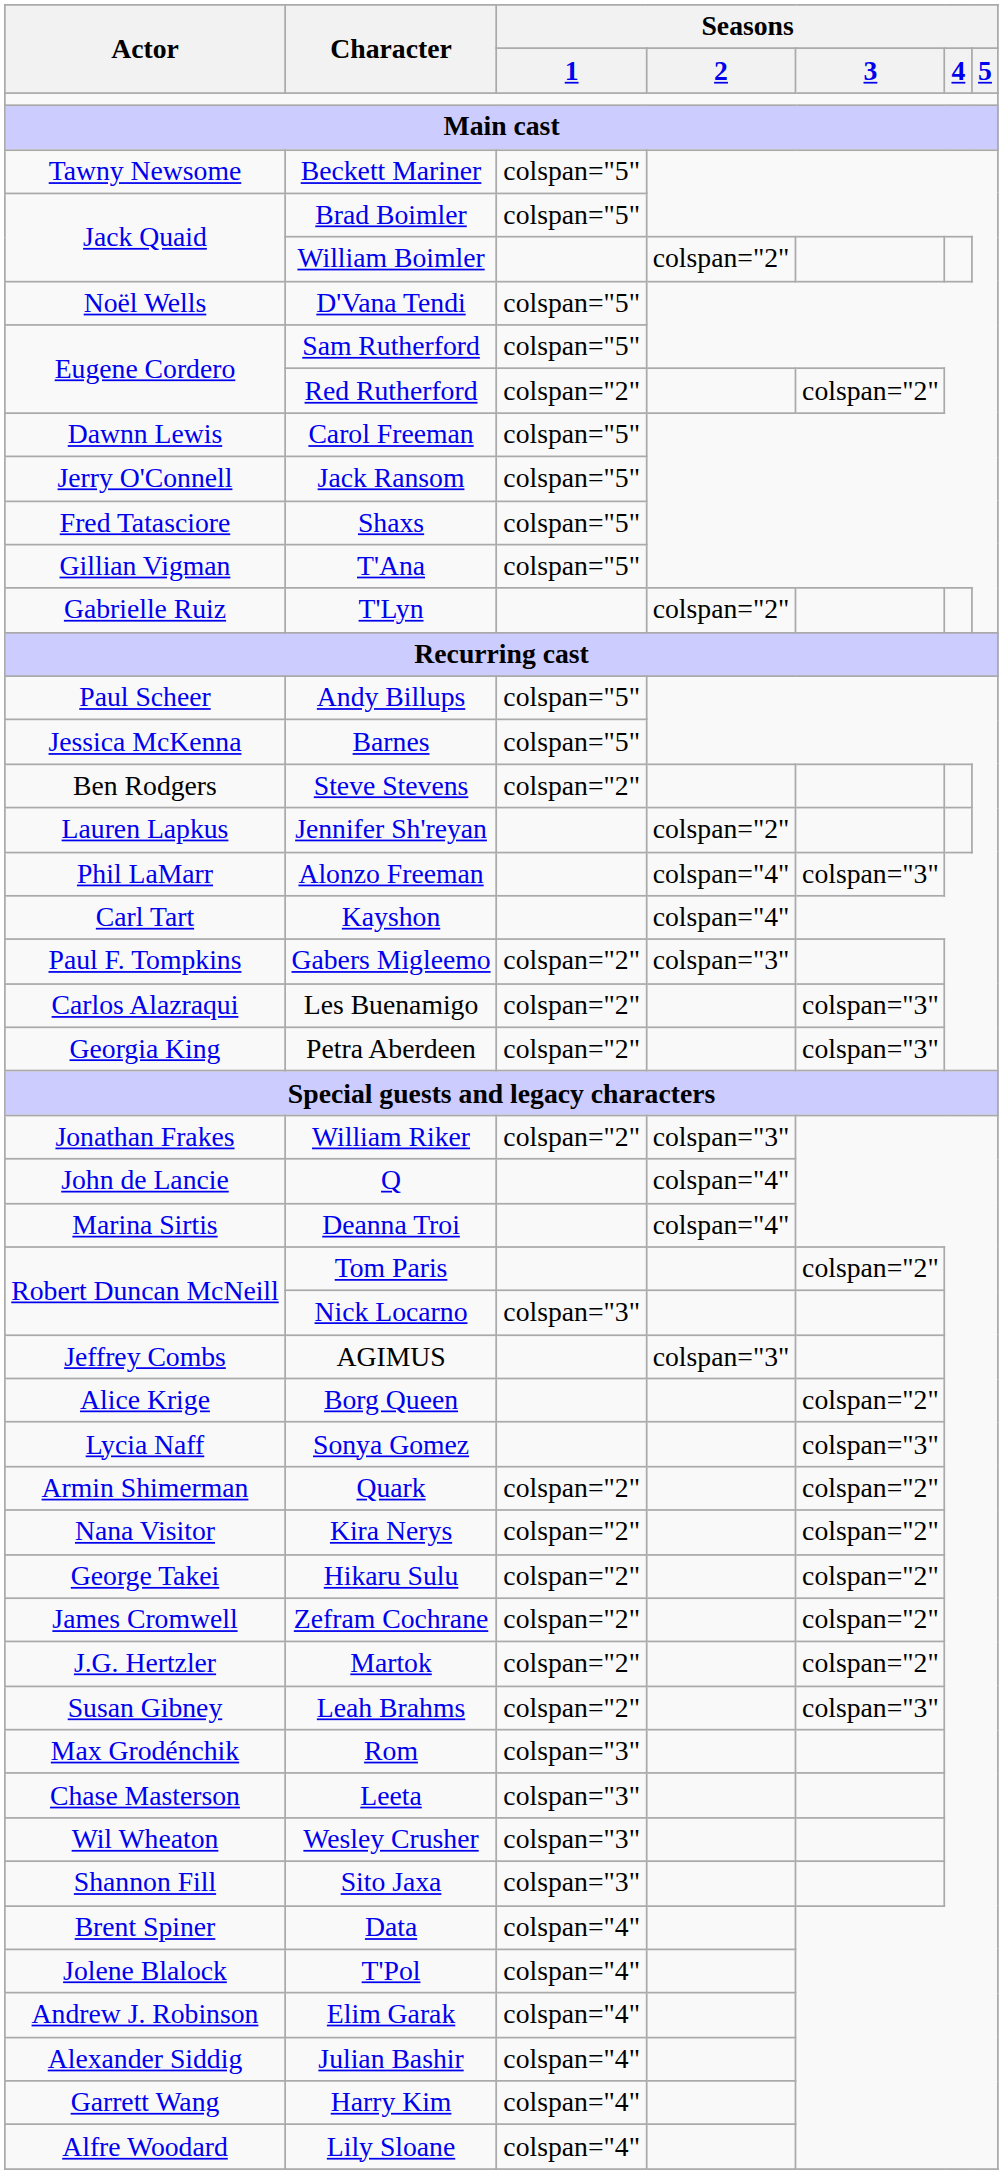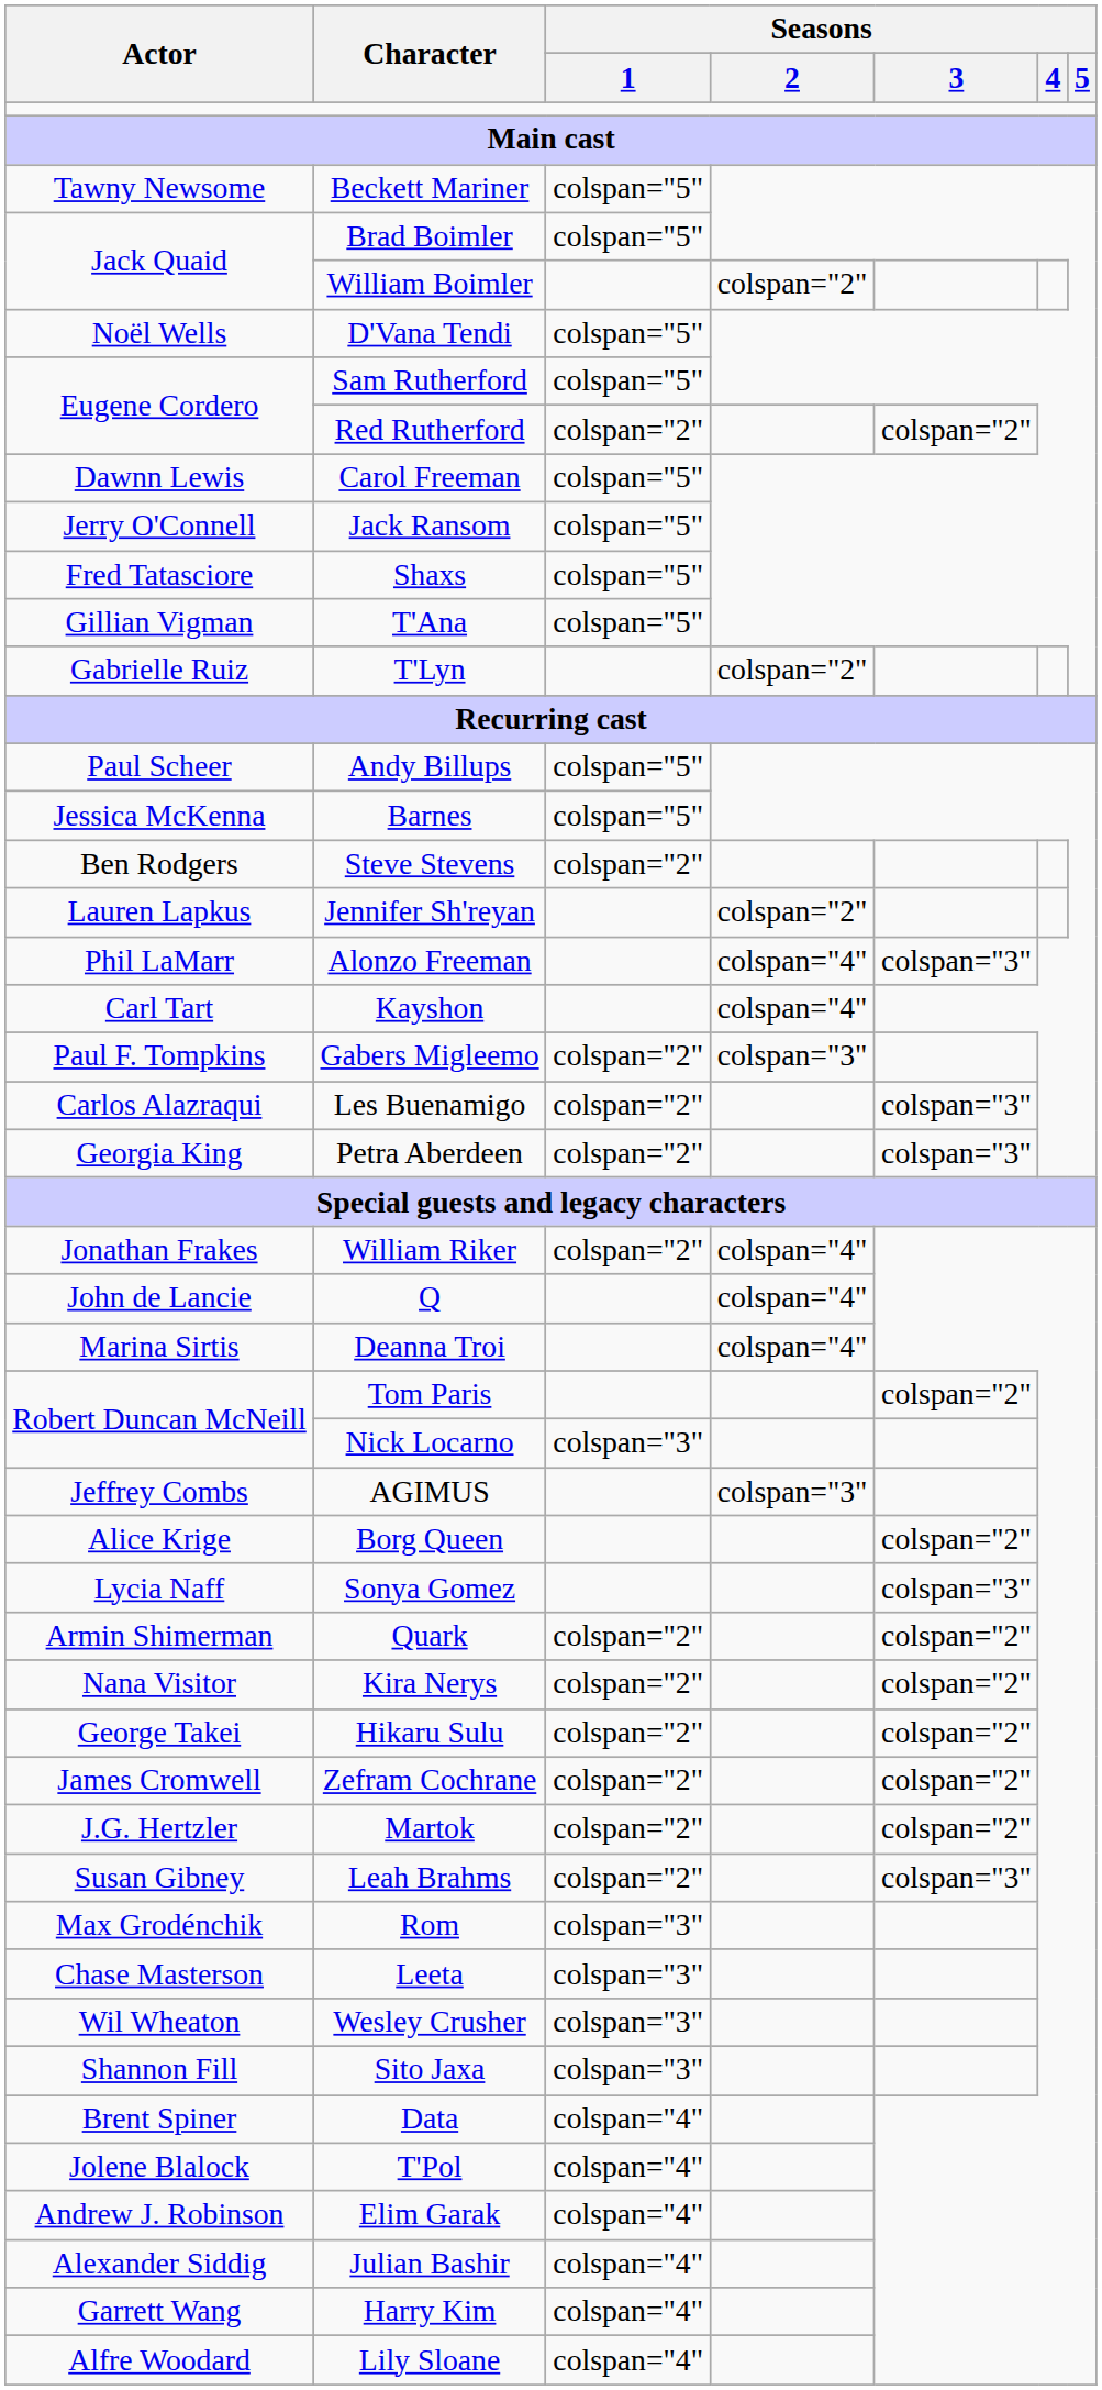 <table class="wikitable sortable sticky-header-multi" style="text-align:center;">
 <tr>
 <th scope="col" rowspan="2" class="unsortable">Actor</th>
 <th scope="col" rowspan="2" class="unsortable">Character</th>
 <th scope="col" colspan="5" class="unsortable">Seasons</th>
 </tr>
 <tr>
 <th scope="col" class="unsortable"><a href='#'>1</a></th>
 <th scope="col" class="unsortable"><a href='#'>2</a></th>
 <th scope="col" class="unsortable"><a href='#'>3</a></th>
 <th scope="col" class="unsortable"><a href='#'>4</a></th>
 <th scope="col" class="unsortable"><a href='#'>5</a></th>
 </tr>
 <tr>
 <td colspan="7"></td>
 </tr>
 <tr>
 <th colspan="7" style="background-color:#ccccff;">Main cast</th>
 </tr>
 <tr>
 <td><a href='#'>Tawny Newsome</a></td>
 <td><a href='#'>Beckett Mariner</a></td>
 <td>colspan="5" </td>
 </tr>
 <tr>
 <td rowspan="2"><a href='#'>Jack Quaid</a></td>
 <td><a href='#'>Brad Boimler</a></td>
 <td>colspan="5" </td>
 </tr>
 <tr>
 <td><a href='#'>William Boimler</a></td>
 <td></td>
 <td>colspan="2" </td>
 <td></td>
 <td></td>
 </tr>
 <tr>
 <td><a href='#'>Noël Wells</a></td>
 <td><a href='#'>D'Vana Tendi</a></td>
 <td>colspan="5" </td>
 </tr>
 <tr>
 <td rowspan="2"><a href='#'>Eugene Cordero</a></td>
 <td><a href='#'>Sam Rutherford</a></td>
 <td>colspan="5" </td>
 </tr>
 <tr>
 <td><a href='#'>Red Rutherford</a></td>
 <td>colspan="2" </td>
 <td></td>
 <td>colspan="2"</td>
 </tr>
 <tr>
 <td><a href='#'>Dawnn Lewis</a></td>
 <td><a href='#'>Carol Freeman</a></td>
 <td>colspan="5" </td>
 </tr>
 <tr>
 <td><a href='#'>Jerry O'Connell</a></td>
 <td><a href='#'>Jack Ransom</a></td>
 <td>colspan="5" </td>
 </tr>
 <tr>
 <td><a href='#'>Fred Tatasciore</a></td>
 <td><a href='#'>Shaxs</a></td>
 <td>colspan="5" </td>
 </tr>
 <tr>
 <td><a href='#'>Gillian Vigman</a></td>
 <td><a href='#'>T'Ana</a></td>
 <td>colspan="5" </td>
 </tr>
 <tr>
 <td><a href='#'>Gabrielle Ruiz</a></td>
 <td><a href='#'>T'Lyn</a></td>
 <td></td>
 <td>colspan="2" </td>
 <td></td>
 <td></td>
 </tr>
 <tr>
 <th colspan="7" style="background-color:#ccccff;">Recurring cast</th>
 </tr>
 <tr>
 <td><a href='#'>Paul Scheer</a></td>
 <td><a href='#'>Andy Billups</a></td>
 <td>colspan="5" </td>
 </tr>
 <tr>
 <td><a href='#'>Jessica McKenna</a></td>
 <td><a href='#'>Barnes</a></td>
 <td>colspan="5" </td>
 </tr>
 <tr>
 <td>Ben Rodgers</td>
 <td><a href='#'>Steve Stevens</a></td>
 <td>colspan="2" </td>
 <td></td>
 <td></td>
 <td></td>
 </tr>
 <tr>
 <td><a href='#'>Lauren Lapkus</a></td>
 <td><a href='#'>Jennifer Sh'reyan</a></td>
 <td></td>
 <td>colspan="2" </td>
 <td></td>
 <td></td>
 </tr>
 <tr>
 <td><a href='#'>Phil LaMarr</a></td>
 <td><a href='#'>Alonzo Freeman</a></td>
 <td></td>
 <td>colspan="4" </td>
 <td>colspan="3" </td>
 </tr>
 <tr>
 <td><a href='#'>Carl Tart</a></td>
 <td><a href='#'>Kayshon</a></td>
 <td></td>
 <td>colspan="4" </td>
 </tr>
 <tr>
 <td><a href='#'>Paul F. Tompkins</a></td>
 <td><a href='#'>Gabers Migleemo</a></td>
 <td>colspan="2" </td>
 <td>colspan="3" </td>
 <td></td>
 </tr>
 <tr>
 <td><a href='#'>Carlos Alazraqui</a></td>
 <td>Les Buenamigo</td>
 <td>colspan="2" </td>
 <td></td>
 <td>colspan="3" </td>
 </tr>
 <tr>
 <td><a href='#'>Georgia King</a></td>
 <td>Petra Aberdeen</td>
 <td>colspan="2" </td>
 <td></td>
 <td>colspan="3" </td>
 </tr>
 <tr>
 <th colspan="7" style="background-color:#ccccff;">Special guests and legacy characters</th>
 </tr>
 <tr>
 <td><a href='#'>Jonathan Frakes</a></td>
 <td><a href='#'>William Riker</a></td>
 <td>colspan="2" </td>
-<td>colspan="3" </td>
+<td>colspan="4" </td>
 </tr>
 <tr>
 <td><a href='#'>John de Lancie</a></td>
 <td><a href='#'>Q</a></td>
 <td></td>
 <td>colspan="4" </td>
 </tr>
 <tr>
 <td><a href='#'>Marina Sirtis</a></td>
 <td><a href='#'>Deanna Troi</a></td>
 <td></td>
 <td>colspan="4" </td>
 </tr>
 <tr>
 <td rowspan="2"><a href='#'>Robert Duncan McNeill</a></td>
 <td><a href='#'>Tom Paris</a></td>
 <td></td>
 <td></td>
 <td>colspan="2" </td>
 </tr>
 <tr>
 <td><a href='#'>Nick Locarno</a></td>
 <td>colspan="3" </td>
 <td></td>
 <td></td>
 </tr>
 <tr>
 <td><a href='#'>Jeffrey Combs</a></td>
 <td>AGIMUS</td>
 <td></td>
 <td>colspan="3" </td>
 <td></td>
 </tr>
 <tr>
 <td><a href='#'>Alice Krige</a></td>
 <td><a href='#'>Borg Queen</a></td>
 <td></td>
 <td></td>
 <td>colspan="2" </td>
 </tr>
 <tr>
 <td><a href='#'>Lycia Naff</a></td>
 <td><a href='#'>Sonya Gomez</a></td>
 <td></td>
 <td></td>
 <td>colspan="3" </td>
 </tr>
 <tr>
 <td><a href='#'>Armin Shimerman</a></td>
 <td><a href='#'>Quark</a></td>
 <td>colspan="2" </td>
 <td></td>
 <td>colspan="2" </td>
 </tr>
 <tr>
 <td><a href='#'>Nana Visitor</a></td>
 <td><a href='#'>Kira Nerys</a></td>
 <td>colspan="2" </td>
 <td></td>
 <td>colspan="2" </td>
 </tr>
 <tr>
 <td><a href='#'>George Takei</a></td>
 <td><a href='#'>Hikaru Sulu</a></td>
 <td>colspan="2" </td>
 <td></td>
 <td>colspan="2" </td>
 </tr>
 <tr>
 <td><a href='#'>James Cromwell</a></td>
 <td><a href='#'>Zefram Cochrane</a></td>
 <td>colspan="2" </td>
 <td></td>
 <td>colspan="2" </td>
 </tr>
 <tr>
 <td><a href='#'>J.G. Hertzler</a></td>
 <td><a href='#'>Martok</a></td>
 <td>colspan="2" </td>
 <td></td>
 <td>colspan="2" </td>
 </tr>
 <tr>
 <td><a href='#'>Susan Gibney</a></td>
 <td><a href='#'>Leah Brahms</a></td>
 <td>colspan="2" </td>
 <td></td>
 <td>colspan="3" </td>
 </tr>
 <tr>
 <td><a href='#'>Max Grodénchik</a></td>
 <td><a href='#'>Rom</a></td>
 <td>colspan="3" </td>
 <td></td>
 <td></td>
 </tr>
 <tr>
 <td><a href='#'>Chase Masterson</a></td>
 <td><a href='#'>Leeta</a></td>
 <td>colspan="3" </td>
 <td></td>
 <td></td>
 </tr>
 <tr>
 <td><a href='#'>Wil Wheaton</a></td>
 <td><a href='#'>Wesley Crusher</a></td>
 <td>colspan="3" </td>
 <td></td>
 <td></td>
 </tr>
 <tr>
 <td><a href='#'>Shannon Fill</a></td>
 <td><a href='#'>Sito Jaxa</a></td>
 <td>colspan="3" </td>
 <td></td>
 <td></td>
 </tr>
 <tr>
 <td><a href='#'>Brent Spiner</a></td>
 <td><a href='#'>Data</a></td>
 <td>colspan="4" </td>
 <td></td>
 </tr>
 <tr>
 <td><a href='#'>Jolene Blalock</a></td>
 <td><a href='#'>T'Pol</a></td>
 <td>colspan="4" </td>
 <td></td>
 </tr>
 <tr>
 <td><a href='#'>Andrew J. Robinson</a></td>
 <td><a href='#'>Elim Garak</a></td>
 <td>colspan="4" </td>
 <td></td>
 </tr>
 <tr>
 <td><a href='#'>Alexander Siddig</a></td>
 <td><a href='#'>Julian Bashir</a></td>
 <td>colspan="4" </td>
 <td></td>
 </tr>
 <tr>
 <td><a href='#'>Garrett Wang</a></td>
 <td><a href='#'>Harry Kim</a></td>
 <td>colspan="4" </td>
 <td></td>
 </tr>
 <tr>
 <td><a href='#'>Alfre Woodard</a></td>
 <td><a href='#'>Lily Sloane</a></td>
 <td>colspan="4" </td>
 <td></td>
 </tr>
 </table>
